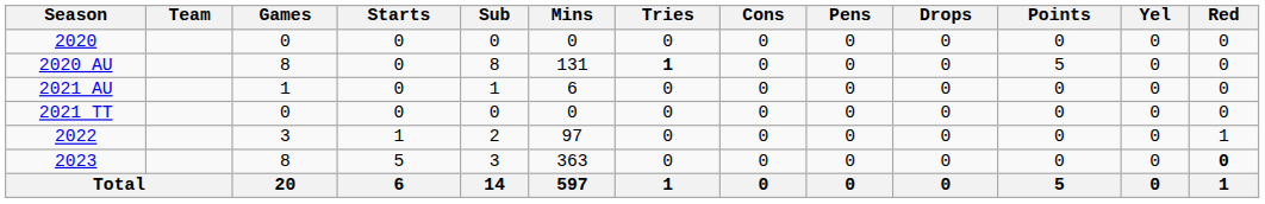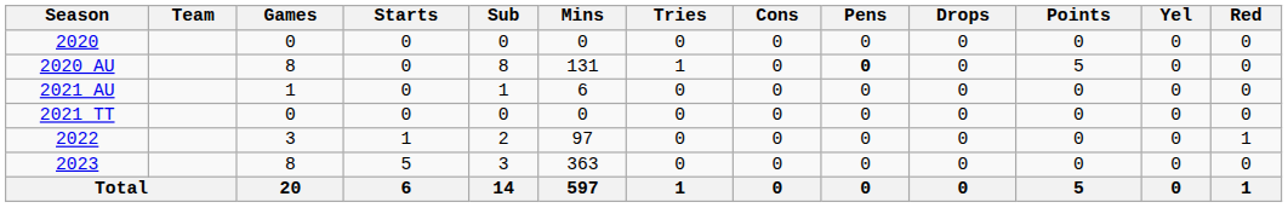 <table class="wikitable" style="text-align:center; line-height:90%; font-size:95%; width:70%;">
 <tr>
 <th>Season</th>
 <th>Team</th>
 <th>Games</th>
 <th>Starts</th>
 <th>Sub</th>
 <th>Mins</th>
 <th>Tries</th>
 <th>Cons</th>
 <th>Pens</th>
 <th>Drops</th>
 <th>Points</th>
 <th>Yel</th>
 <th>Red</th>
 </tr>
 <tr>
 <td><a href='#'>2020</a></td>
 <td></td>
 <td>0</td>
 <td>0</td>
 <td>0</td>
 <td>0</td>
 <td>0</td>
 <td>0</td>
 <td>0</td>
 <td>0</td>
 <td>0</td>
 <td>0</td>
 <td>0</td>
 </tr>
 <tr>
 <td><a href='#'>2020 AU</a></td>
 <td></td>
 <td>8</td>
 <td>0</td>
 <td>8</td>
 <td>131</td>
-<td><strong>1</strong></td>
+<td>1</td>
 <td>0</td>
-<td>0</td>
+<td><strong>0</strong></td>
 <td>0</td>
 <td>5</td>
 <td>0</td>
 <td>0</td>
 </tr>
 <tr>
 <td><a href='#'>2021 AU</a></td>
 <td></td>
 <td>1</td>
 <td>0</td>
 <td>1</td>
 <td>6</td>
 <td>0</td>
 <td>0</td>
 <td>0</td>
 <td>0</td>
 <td>0</td>
 <td>0</td>
 <td>0</td>
 </tr>
 <tr>
 <td><a href='#'>2021 TT</a></td>
 <td></td>
 <td>0</td>
 <td>0</td>
 <td>0</td>
 <td>0</td>
 <td>0</td>
 <td>0</td>
 <td>0</td>
 <td>0</td>
 <td>0</td>
 <td>0</td>
 <td>0</td>
 </tr>
 <tr>
 <td><a href='#'>2022</a></td>
 <td></td>
 <td>3</td>
 <td>1</td>
 <td>2</td>
 <td>97</td>
 <td>0</td>
 <td>0</td>
 <td>0</td>
 <td>0</td>
 <td>0</td>
 <td>0</td>
 <td>1</td>
 </tr>
 <tr>
 <td><a href='#'>2023</a></td>
 <td></td>
 <td>8</td>
 <td>5</td>
 <td>3</td>
 <td>363</td>
 <td>0</td>
 <td>0</td>
 <td>0</td>
 <td>0</td>
 <td>0</td>
 <td>0</td>
-<td><strong>0</strong></td>
+<td>0</td>
 </tr>
 <tr>
 <th colspan="2">Total</th>
 <th>20</th>
 <th>6</th>
 <th>14</th>
 <th>597</th>
 <th>1</th>
 <th>0</th>
 <th>0</th>
 <th>0</th>
 <th>5</th>
 <th>0</th>
 <th>1</th>
 </tr>
 </table>
